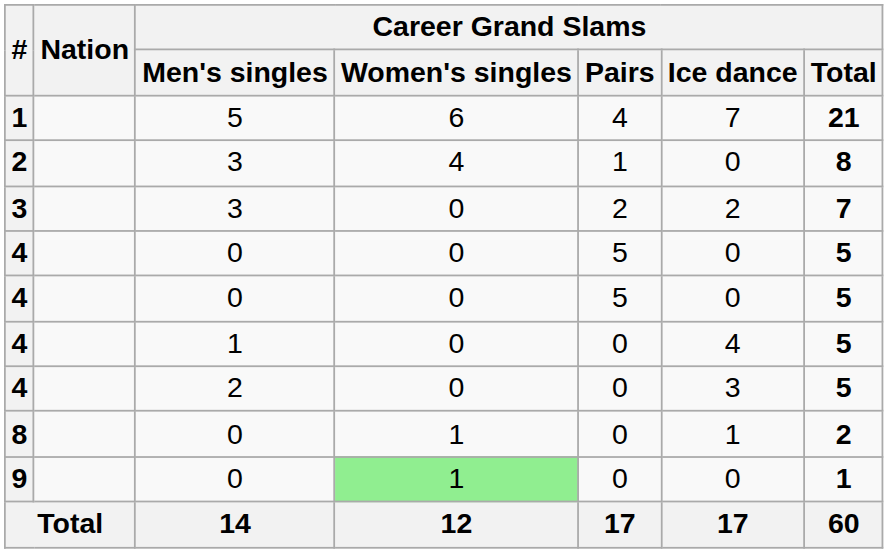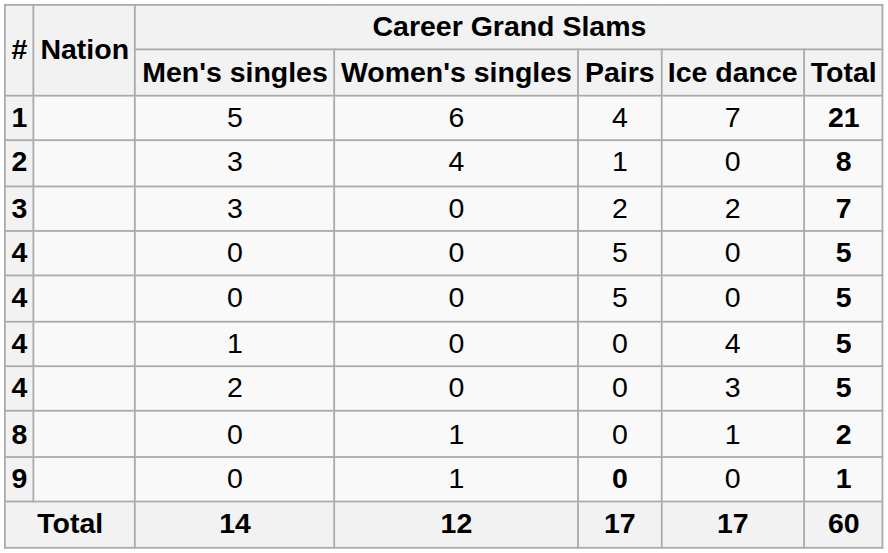 <table class="wikitable sortable" style="text-align: center;">
 <tr>
 <th rowspan="2">#</th>
 <th rowspan="2">Nation</th>
 <th colspan="5">Career Grand Slams</th>
 </tr>
 <tr>
 <th>Men's singles</th>
 <th>Women's singles</th>
 <th>Pairs</th>
 <th>Ice dance</th>
 <th>Total</th>
 </tr>
 <tr>
 <th>1</th>
 <td></td>
 <td>5</td>
 <td>6</td>
 <td>4</td>
 <td>7</td>
 <td><strong>21</strong></td>
 </tr>
 <tr>
 <th>2</th>
 <td></td>
 <td>3</td>
 <td>4</td>
 <td>1</td>
 <td>0</td>
 <td><strong>8</strong></td>
 </tr>
 <tr>
 <th>3</th>
 <td></td>
 <td>3</td>
 <td>0</td>
 <td>2</td>
 <td>2</td>
 <td><strong>7</strong></td>
 </tr>
 <tr>
 <th>4</th>
 <td></td>
 <td>0</td>
 <td>0</td>
 <td>5</td>
 <td>0</td>
 <td><strong>5</strong></td>
 </tr>
 <tr>
 <th>4</th>
 <td></td>
 <td>0</td>
 <td>0</td>
 <td>5</td>
 <td>0</td>
 <td><strong>5</strong></td>
 </tr>
 <tr>
 <th>4</th>
 <td></td>
 <td>1</td>
 <td>0</td>
 <td>0</td>
 <td>4</td>
 <td><strong>5</strong></td>
 </tr>
 <tr>
 <th>4</th>
 <td></td>
 <td>2</td>
 <td>0</td>
 <td>0</td>
 <td>3</td>
 <td><strong>5</strong></td>
 </tr>
 <tr>
 <th>8</th>
 <td></td>
 <td>0</td>
 <td>1</td>
 <td>0</td>
 <td>1</td>
 <td><strong>2</strong></td>
 </tr>
 <tr>
 <th>9</th>
 <td></td>
 <td>0</td>
-<td style="background: lightgreen;">1</td>
-<td>0</td>
+<td>1</td>
+<td><strong>0</strong></td>
 <td>0</td>
 <td><strong>1</strong></td>
 </tr>
 <tr class="sortbottom">
 <th colspan="2">Total</th>
 <th>14</th>
 <th>12</th>
 <th>17</th>
 <th>17</th>
 <th>60</th>
 </tr>
 </table>
